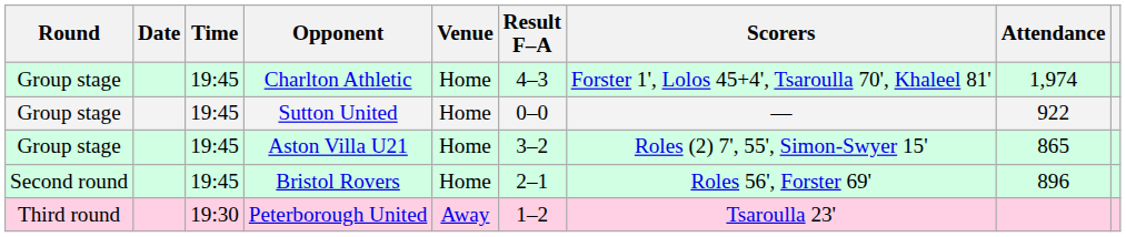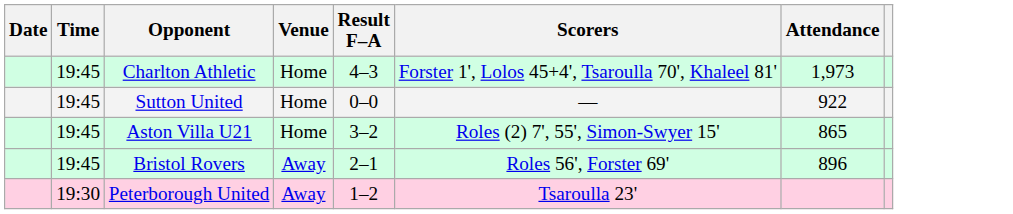 <table class="wikitable sortable" style="text-align:center">
 <tr>
-<th>Round</th>
 <th>Date</th>
 <th>Time</th>
 <th>Opponent</th>
 <th>Venue</th>
 <th>Result<br>F–A</th>
 <th class="unsortable">Scorers</th>
 <th>Attendance</th>
 <th class="unsortable"></th>
 </tr>
 <tr bgcolor="#d0ffe3">
-<td>Group stage</td>
 <td></td>
 <td>19:45</td>
 <td><a href='#'>Charlton Athletic</a></td>
 <td>Home</td>
 <td>4–3</td>
 <td><a href='#'>Forster</a> 1', <a href='#'>Lolos</a> 45+4', <a href='#'>Tsaroulla</a> 70', <a href='#'>Khaleel</a> 81'</td>
-<td>1,974</td>
+<td>1,973</td>
 <td></td>
 </tr>
 <tr bgcolor="#f3f3f3">
-<td>Group stage</td>
 <td></td>
 <td>19:45</td>
 <td><a href='#'>Sutton United</a></td>
 <td>Home</td>
 <td>0–0 </td>
 <td>—</td>
 <td>922</td>
 <td></td>
 </tr>
 <tr bgcolor="#d0ffe3">
-<td>Group stage</td>
 <td></td>
 <td>19:45</td>
 <td><a href='#'>Aston Villa U21</a></td>
 <td>Home</td>
 <td>3–2</td>
 <td><a href='#'>Roles</a> (2) 7', 55', <a href='#'>Simon-Swyer</a> 15'</td>
 <td>865</td>
 <td></td>
 </tr>
 <tr bgcolor="#d0ffe3">
-<td>Second round</td>
 <td></td>
 <td>19:45</td>
 <td><a href='#'>Bristol Rovers</a></td>
-<td>Home</td>
+<td><a href='#'>Away</a></td>
 <td>2–1</td>
 <td><a href='#'>Roles</a> 56', <a href='#'>Forster</a> 69'</td>
 <td>896</td>
 <td></td>
 </tr>
 <tr bgcolor="#ffd0e3">
-<td>Third round</td>
 <td></td>
 <td>19:30</td>
 <td><a href='#'>Peterborough United</a></td>
 <td><a href='#'>Away</a></td>
 <td>1–2</td>
 <td><a href='#'>Tsaroulla</a> 23'</td>
 <td></td>
 <td></td>
 </tr>
 </table>
